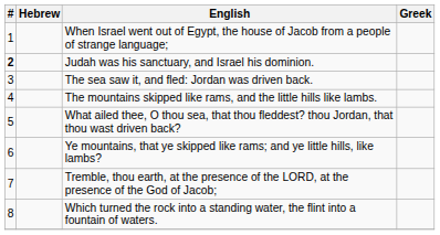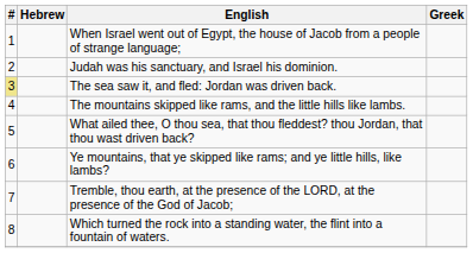 <table class=wikitable>
 <tr>
 <th>#</th>
 <th>Hebrew</th>
 <th>English</th>
 <th>Greek</th>
 </tr>
 <tr>
 <td style="text-align:right">1</td>
 <td style="text-align:right"></td>
 <td>When Israel went out of Egypt, the house of Jacob from a people of strange language;</td>
 <td></td>
 </tr>
 <tr>
-<td style="text-align:right"><strong>2</strong></td>
+<td style="text-align:right">2</td>
 <td style="text-align:right"></td>
 <td>Judah was his sanctuary, and Israel his dominion.</td>
 <td></td>
 </tr>
 <tr>
-<td style="text-align:right">3</td>
+<td style="background: khaki; text-align:right">3</td>
 <td style="text-align:right"></td>
 <td>The sea saw it, and fled: Jordan was driven back.</td>
 <td></td>
 </tr>
 <tr>
 <td style="text-align:right">4</td>
 <td style="text-align:right"></td>
 <td>The mountains skipped like rams, and the little hills like lambs.</td>
 <td></td>
 </tr>
 <tr>
 <td style="text-align:right">5</td>
 <td style="text-align:right"></td>
 <td>What ailed thee, O thou sea, that thou fleddest? thou Jordan, that thou wast driven back?</td>
 <td></td>
 </tr>
 <tr>
 <td style="text-align:right">6</td>
 <td style="text-align:right"></td>
 <td>Ye mountains, that ye skipped like rams; and ye little hills, like lambs?</td>
 <td></td>
 </tr>
 <tr>
 <td style="text-align:right">7</td>
 <td style="text-align:right"></td>
 <td>Tremble, thou earth, at the presence of the LORD, at the presence of the God of Jacob;</td>
 <td></td>
 </tr>
 <tr>
 <td style="text-align:right">8</td>
 <td style="text-align:right"></td>
 <td>Which turned the rock into a standing water, the flint into a fountain of waters.</td>
 <td></td>
 </tr>
 <tr>
 </tr>
 </table>
